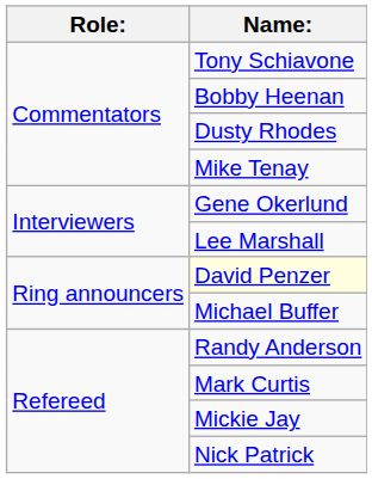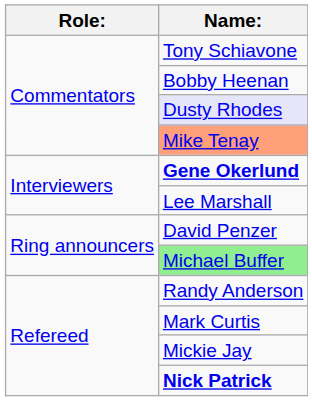 <table class=wikitable style="font-size:90%; margin: 0.5em 0 0.5em 1em; float: right; clear: right;">
 <tr>
 <th>Role:</th>
 <th>Name:</th>
 </tr>
 <tr>
 <td rowspan=4><a href='#'>Commentators</a></td>
 <td><a href='#'>Tony Schiavone</a></td>
 </tr>
 <tr>
 <td><a href='#'>Bobby Heenan</a></td>
 </tr>
 <tr>
-<td><a href='#'>Dusty Rhodes</a></td>
+<td style="background: lavender;"><a href='#'>Dusty Rhodes</a></td>
 </tr>
 <tr>
-<td><a href='#'>Mike Tenay</a></td>
+<td style="background: lightsalmon;"><a href='#'>Mike Tenay</a></td>
 </tr>
 <tr>
 <td rowspan=2><a href='#'>Interviewers</a></td>
-<td><a href='#'>Gene Okerlund</a></td>
+<td><strong><a href='#'>Gene Okerlund</a></strong></td>
 </tr>
 <tr>
 <td><a href='#'>Lee Marshall</a></td>
 </tr>
 <tr>
 <td rowspan=2><a href='#'>Ring announcers</a></td>
-<td style="background: lightyellow;"><a href='#'>David Penzer</a></td>
+<td><a href='#'>David Penzer</a></td>
 </tr>
 <tr>
-<td><a href='#'>Michael Buffer</a></td>
+<td style="background: lightgreen;"><a href='#'>Michael Buffer</a></td>
 </tr>
 <tr>
 <td rowspan=4><a href='#'>Refereed</a></td>
 <td><a href='#'>Randy Anderson</a></td>
 </tr>
 <tr>
 <td><a href='#'>Mark Curtis</a></td>
 </tr>
 <tr>
 <td><a href='#'>Mickie Jay</a></td>
 </tr>
 <tr>
-<td><a href='#'>Nick Patrick</a></td>
+<td><strong><a href='#'>Nick Patrick</a></strong></td>
 </tr>
 </table>
